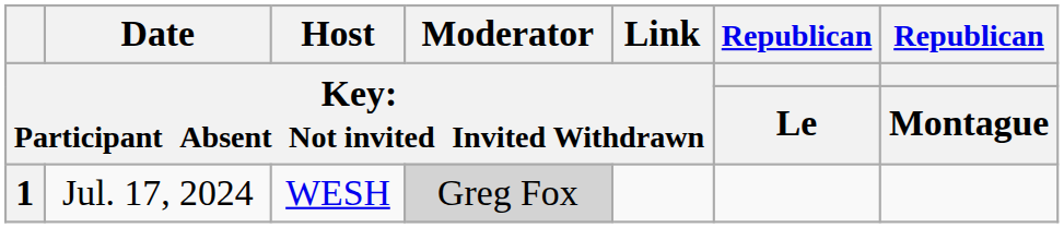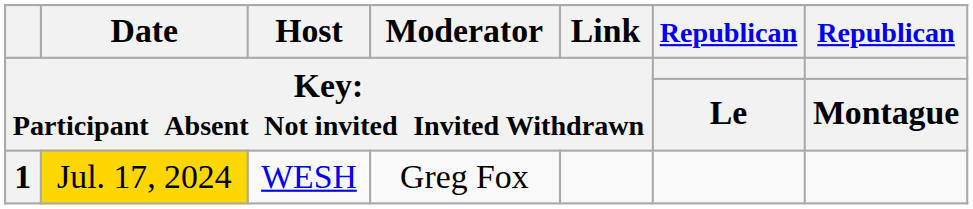 <table class="wikitable" style="text-align:center;">
 <tr>
 <th scope="col"></th>
 <th scope="col">Date</th>
 <th scope="col">Host</th>
 <th scope="col">Moderator</th>
 <th scope="col">Link</th>
 <th scope="col"><small><a href='#'>Republican</a></small></th>
 <th scope="col"><small><a href='#'>Republican</a></small></th>
 </tr>
 <tr>
 <th colspan="5" rowspan="2">Key:<br> <small>Participant </small>  <small>Absent </small>  <small>Not invited </small>  <small>Invited  Withdrawn</small></th>
 <th scope="col" style="background:"></th>
 <th scope="col" style="background:"></th>
 </tr>
 <tr>
 <th scope="col">Le</th>
 <th scope="col">Montague</th>
 </tr>
 <tr>
 <th>1</th>
-<td style="white-space:nowrap;">Jul. 17, 2024</td>
+<td style="background: gold; white-space:nowrap;">Jul. 17, 2024</td>
 <td style="white-space:nowrap;"><a href='#'>WESH</a></td>
-<td style="background: lightgrey; white-space:nowrap;">Greg Fox</td>
+<td style="white-space:nowrap;">Greg Fox</td>
 <td style="white-space:nowrap;"></td>
 <td></td>
 <td></td>
 </tr>
 </table>
